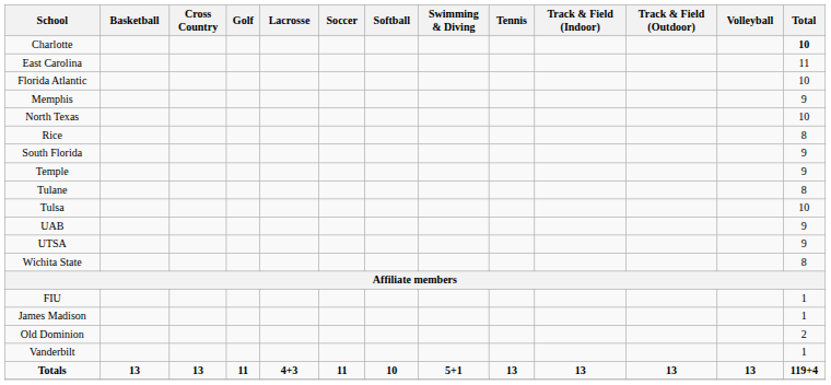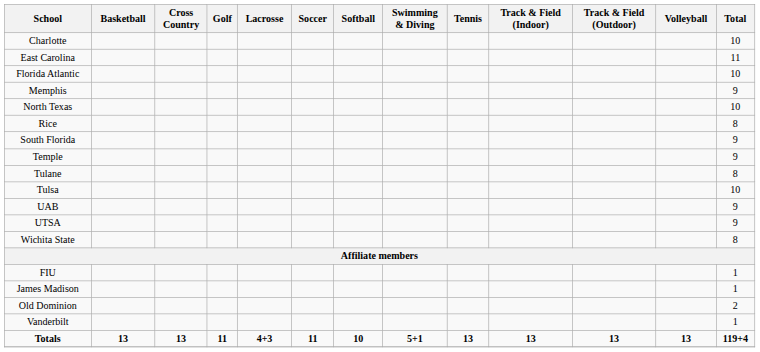 <table class="wikitable" style="text-align:center; font-size:95%; width:90%">
 <tr>
 <th>School</th>
 <th>Basketball</th>
 <th>Cross<br>Country</th>
 <th>Golf</th>
 <th>Lacrosse</th>
 <th>Soccer</th>
 <th>Softball</th>
 <th>Swimming<br>& Diving</th>
 <th>Tennis</th>
 <th>Track & Field<br>(Indoor)</th>
 <th>Track & Field<br>(Outdoor)</th>
 <th>Volleyball</th>
 <th>Total</th>
 </tr>
 <tr>
 <td>Charlotte</td>
 <td></td>
 <td></td>
 <td></td>
 <td></td>
 <td></td>
 <td></td>
 <td></td>
 <td></td>
 <td></td>
 <td></td>
 <td></td>
-<td><strong>10</strong></td>
+<td>10</td>
 </tr>
 <tr>
 <td>East Carolina</td>
 <td></td>
 <td></td>
 <td></td>
 <td></td>
 <td></td>
 <td></td>
 <td></td>
 <td></td>
 <td></td>
 <td></td>
 <td></td>
 <td>11</td>
 </tr>
 <tr>
 <td>Florida Atlantic</td>
 <td></td>
 <td></td>
 <td></td>
 <td></td>
 <td></td>
 <td></td>
 <td></td>
 <td></td>
 <td></td>
 <td></td>
 <td></td>
 <td>10</td>
 </tr>
 <tr>
 <td>Memphis</td>
 <td></td>
 <td></td>
 <td></td>
 <td></td>
 <td></td>
 <td></td>
 <td></td>
 <td></td>
 <td></td>
 <td></td>
 <td></td>
 <td>9</td>
 </tr>
 <tr>
 <td>North Texas</td>
 <td></td>
 <td></td>
 <td></td>
 <td></td>
 <td></td>
 <td></td>
 <td></td>
 <td></td>
 <td></td>
 <td></td>
 <td></td>
 <td>10</td>
 </tr>
 <tr>
 <td>Rice</td>
 <td></td>
 <td></td>
 <td></td>
 <td></td>
 <td></td>
 <td></td>
 <td></td>
 <td></td>
 <td></td>
 <td></td>
 <td></td>
 <td>8</td>
 </tr>
 <tr>
 <td>South Florida</td>
 <td></td>
 <td></td>
 <td></td>
 <td></td>
 <td></td>
 <td></td>
 <td></td>
 <td></td>
 <td></td>
 <td></td>
 <td></td>
 <td>9</td>
 </tr>
 <tr>
 <td>Temple</td>
 <td></td>
 <td></td>
 <td></td>
 <td></td>
 <td></td>
 <td></td>
 <td></td>
 <td></td>
 <td></td>
 <td></td>
 <td></td>
 <td>9</td>
 </tr>
 <tr>
 <td>Tulane</td>
 <td></td>
 <td></td>
 <td></td>
 <td></td>
 <td></td>
 <td></td>
 <td></td>
 <td></td>
 <td></td>
 <td></td>
 <td></td>
 <td>8</td>
 </tr>
 <tr>
 <td>Tulsa</td>
 <td></td>
 <td></td>
 <td></td>
 <td></td>
 <td></td>
 <td></td>
 <td></td>
 <td></td>
 <td></td>
 <td></td>
 <td></td>
 <td>10</td>
 </tr>
 <tr>
 <td>UAB</td>
 <td></td>
 <td></td>
 <td></td>
 <td></td>
 <td></td>
 <td></td>
 <td></td>
 <td></td>
 <td></td>
 <td></td>
 <td></td>
 <td>9</td>
 </tr>
 <tr>
 <td>UTSA</td>
 <td></td>
 <td></td>
 <td></td>
 <td></td>
 <td></td>
 <td></td>
 <td></td>
 <td></td>
 <td></td>
 <td></td>
 <td></td>
 <td>9</td>
 </tr>
 <tr>
 <td>Wichita State</td>
 <td></td>
 <td></td>
 <td></td>
 <td></td>
 <td></td>
 <td></td>
 <td></td>
 <td></td>
 <td></td>
 <td></td>
 <td></td>
 <td>8</td>
 </tr>
 <tr>
 <th colspan=14>Affiliate members</th>
 </tr>
 <tr>
 <td>FIU</td>
 <td></td>
 <td></td>
 <td></td>
 <td></td>
 <td></td>
 <td></td>
 <td></td>
 <td></td>
 <td></td>
 <td></td>
 <td></td>
 <td>1</td>
 </tr>
 <tr>
 <td>James Madison</td>
 <td></td>
 <td></td>
 <td></td>
 <td></td>
 <td></td>
 <td></td>
 <td></td>
 <td></td>
 <td></td>
 <td></td>
 <td></td>
 <td>1</td>
 </tr>
 <tr>
 <td>Old Dominion</td>
 <td></td>
 <td></td>
 <td></td>
 <td></td>
 <td></td>
 <td></td>
 <td></td>
 <td></td>
 <td></td>
 <td></td>
 <td></td>
 <td>2</td>
 </tr>
 <tr>
 <td>Vanderbilt</td>
 <td></td>
 <td></td>
 <td></td>
 <td></td>
 <td></td>
 <td></td>
 <td></td>
 <td></td>
 <td></td>
 <td></td>
 <td></td>
 <td>1</td>
 </tr>
 <tr>
 <td><strong>Totals</strong></td>
 <td><strong>13</strong></td>
 <td><strong>13</strong></td>
 <td><strong>11</strong></td>
 <td><strong>4+3</strong></td>
 <td><strong>11</strong></td>
 <td><strong>10</strong></td>
 <td><strong>5+1</strong></td>
 <td><strong>13</strong></td>
 <td><strong>13</strong></td>
 <td><strong>13</strong></td>
 <td><strong>13</strong></td>
 <td><strong>119+4</strong></td>
 </tr>
 <tr>
 </tr>
 </table>
